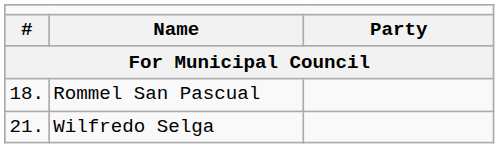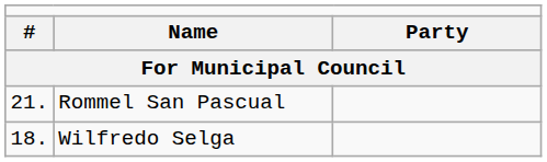 <table class="wikitable" style="font-size:90%">
 <tr>
 <td colspan="4"></td>
 </tr>
 <tr>
 <th>#</th>
 <th width=150px>Name</th>
 <th colspan=2 width=110px>Party</th>
 </tr>
 <tr>
 <th colspan="4">For Municipal Council</th>
 </tr>
 <tr>
-<td>18.</td>
+<td>21.</td>
 <td>Rommel San Pascual</td>
 <td></td>
 </tr>
 <tr>
-<td>21.</td>
+<td>18.</td>
 <td>Wilfredo Selga</td>
 <td></td>
 </tr>
 </table>
